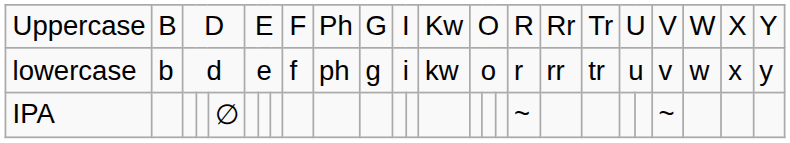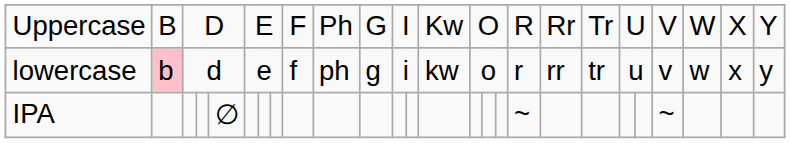 <table class="wikitable" style="margin:0 auto; align="left"; border-collapse:collapse;">
 <tr>
 <td>Uppercase</td>
 <td>B</td>
 <td align="center" colspan="3">D</td>
 <td align="center" colspan="3">E</td>
 <td>F</td>
 <td>Ph</td>
 <td>G</td>
 <td align="center" colspan="2">I</td>
 <td>Kw</td>
 <td align="center" colspan="3">O</td>
 <td>R</td>
 <td>Rr</td>
 <td>Tr</td>
 <td align="center" colspan="2">U</td>
 <td>V</td>
 <td>W</td>
 <td>X</td>
 <td>Y</td>
 </tr>
 <tr>
 <td>lowercase</td>
-<td>b</td>
+<td style="background: pink;">b</td>
 <td align="center" colspan="3">d</td>
 <td align="center" colspan="3">e</td>
 <td>f</td>
 <td>ph</td>
 <td>g</td>
 <td align="center" colspan="2">i</td>
 <td>kw</td>
 <td align="center" colspan="3">o</td>
 <td>r</td>
 <td>rr</td>
 <td>tr</td>
 <td align="center" colspan="2">u</td>
 <td>v</td>
 <td>w</td>
 <td>x</td>
 <td>y</td>
 </tr>
 <tr>
 <td>IPA</td>
 <td></td>
 <td></td>
 <td></td>
 <td>∅</td>
 <td></td>
 <td></td>
 <td></td>
 <td></td>
 <td></td>
 <td></td>
 <td></td>
 <td></td>
 <td></td>
 <td></td>
 <td></td>
 <td></td>
 <td>~</td>
 <td></td>
 <td></td>
 <td></td>
 <td></td>
 <td>~</td>
 <td></td>
 <td></td>
 <td></td>
 </tr>
 </table>
